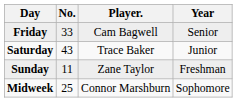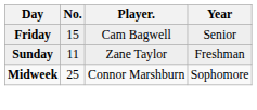 <table class="wikitable non-sortable">
 <tr>
 <th style="text-align:center; ">Day</th>
 <th style="text-align:center; ">No.</th>
 <th style="text-align:center; ">Player.</th>
 <th style="text-align:center; ">Year</th>
 </tr>
 <tr style="background:#eeeeee;text-align:center;">
 <td><strong>Friday</strong></td>
-<td>33</td>
+<td>15</td>
 <td>Cam Bagwell</td>
 <td>Senior</td>
-</tr>
-<tr style="text-align:center;">
-<td><strong>Saturday</strong></td>
-<td>43</td>
-<td>Trace Baker</td>
-<td>Junior</td>
 </tr>
 <tr style="background:#eeeeee;text-align:center;">
 <td><strong>Sunday</strong></td>
 <td>11</td>
 <td>Zane Taylor</td>
 <td>Freshman</td>
 </tr>
 <tr style="text-align:center;">
 <td><strong>Midweek</strong></td>
 <td>25</td>
 <td>Connor Marshburn</td>
 <td>Sophomore</td>
 </tr>
 </table>
